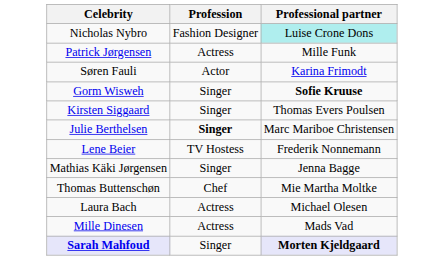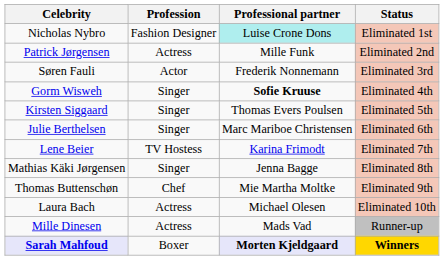 <table class= "wikitable sortable" style="text-align: center; margin:auto; align: center">
 <tr>
 <th>Celebrity</th>
 <th>Profession</th>
 <th>Professional partner</th>
+<th>Status</th>
 </tr>
 <tr>
 <td>Nicholas Nybro</td>
 <td>Fashion Designer</td>
 <td style="background: paleturquoise;">Luise Crone Dons</td>
+<td style="background:#f4c7b8;">Eliminated 1st</td>
 </tr>
 <tr>
 <td><a href='#'>Patrick Jørgensen</a></td>
 <td>Actress</td>
 <td>Mille Funk</td>
+<td style="background:#f4c7b8;">Eliminated 2nd</td>
 </tr>
 <tr>
 <td>Søren Fauli</td>
 <td>Actor</td>
-<td><a href='#'>Karina Frimodt</a></td>
+<td>Frederik Nonnemann</td>
+<td style="background:#f4c7b8;">Eliminated 3rd</td>
 </tr>
 <tr>
 <td><a href='#'>Gorm Wisweh</a></td>
 <td>Singer</td>
 <td><strong>Sofie Kruuse</strong></td>
+<td style="background:#f4c7b8;">Eliminated 4th</td>
 </tr>
 <tr>
 <td><a href='#'>Kirsten Siggaard</a></td>
 <td>Singer</td>
 <td>Thomas Evers Poulsen</td>
+<td style="background:#f4c7b8;">Eliminated 5th</td>
 </tr>
 <tr>
 <td><a href='#'>Julie Berthelsen</a></td>
-<td><strong>Singer</strong></td>
+<td>Singer</td>
 <td>Marc Mariboe Christensen</td>
+<td style="background:#f4c7b8;">Eliminated 6th</td>
 </tr>
 <tr>
 <td><a href='#'>Lene Beier</a></td>
 <td>TV Hostess</td>
-<td>Frederik Nonnemann</td>
+<td><a href='#'>Karina Frimodt</a></td>
+<td style="background:#f4c7b8;">Eliminated 7th</td>
 </tr>
 <tr>
 <td>Mathias Käki Jørgensen</td>
 <td>Singer</td>
 <td>Jenna Bagge</td>
+<td style="background:#f4c7b8;">Eliminated 8th</td>
 </tr>
 <tr>
 <td>Thomas Buttenschøn</td>
 <td>Chef</td>
 <td>Mie Martha Moltke</td>
+<td style="background:#f4c7b8;">Eliminated 9th</td>
 </tr>
 <tr>
 <td>Laura Bach</td>
 <td>Actress</td>
 <td>Michael Olesen</td>
+<td style="background:#f4c7b8;">Eliminated 10th</td>
 </tr>
 <tr>
 <td><a href='#'>Mille Dinesen</a></td>
 <td>Actress</td>
 <td>Mads Vad</td>
+<td style="background:silver;">Runner-up</td>
 </tr>
 <tr>
 <td style="background:lavender;"><strong><a href='#'>Sarah Mahfoud</a></strong></td>
-<td>Singer</td>
+<td>Boxer</td>
 <td style="background:lavender;"><strong>Morten Kjeldgaard</strong></td>
+<td style="background:gold;"><strong>Winners</strong></td>
 </tr>
 </table>
